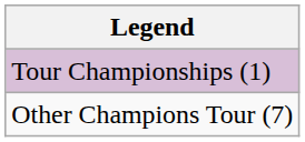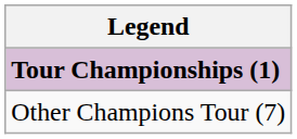 <table class="wikitable" style="font-size:95%;">
 <tr>
 <th>Legend</th>
 </tr>
 <tr style="background:thistle;">
-<td>Tour Championships (1)</td>
+<td><strong>Tour Championships (1)</strong></td>
 </tr>
 <tr>
 <td>Other Champions Tour (7)</td>
 </tr>
 </table>
